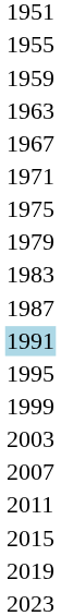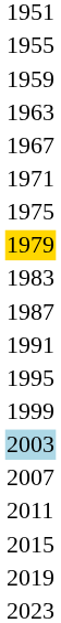 <table>
 <tr>
 <td>1951</td>
 <td></td>
 <td></td>
 <td></td>
 </tr>
 <tr>
 <td>1955</td>
 <td></td>
 <td></td>
 <td></td>
 </tr>
 <tr>
 <td>1959</td>
 <td></td>
 <td></td>
 <td></td>
 </tr>
 <tr>
 <td>1963</td>
 <td></td>
 <td></td>
 <td></td>
 </tr>
 <tr>
 <td>1967</td>
 <td></td>
 <td></td>
 <td></td>
 </tr>
 <tr>
 <td>1971</td>
 <td></td>
 <td></td>
 <td></td>
 </tr>
 <tr>
 <td>1975</td>
 <td></td>
 <td></td>
 <td></td>
 </tr>
 <tr>
-<td>1979</td>
+<td style="background: gold;">1979</td>
 <td></td>
 <td></td>
 <td></td>
 </tr>
 <tr>
 <td>1983</td>
 <td></td>
 <td></td>
 <td></td>
 </tr>
 <tr>
 <td>1987</td>
 <td></td>
 <td></td>
 <td></td>
 </tr>
 <tr>
-<td style="background: lightblue;">1991</td>
+<td>1991</td>
 <td></td>
 <td></td>
 <td></td>
 </tr>
 <tr>
 <td>1995</td>
 <td></td>
 <td></td>
 <td></td>
 </tr>
 <tr>
 <td rowspan=2>1999</td>
 <td rowspan=2></td>
 <td rowspan=2></td>
 <td></td>
 </tr>
 <tr>
 <td></td>
 </tr>
 <tr>
-<td>2003</td>
+<td style="background: lightblue;">2003</td>
 <td></td>
 <td></td>
 <td><br></td>
 </tr>
 <tr>
 <td>2007</td>
 <td></td>
 <td></td>
 <td><br></td>
 </tr>
 <tr>
 <td rowspan=2>2011<br></td>
 <td rowspan=2></td>
 <td rowspan=2></td>
 <td></td>
 </tr>
 <tr>
 <td></td>
 </tr>
 <tr>
 <td rowspan=2>2015<br></td>
 <td rowspan=2></td>
 <td rowspan=2></td>
 <td></td>
 </tr>
 <tr>
 <td></td>
 </tr>
 <tr>
 <td rowspan=2>2019<br></td>
 <td rowspan=2></td>
 <td rowspan=2></td>
 <td></td>
 </tr>
 <tr>
 <td></td>
 </tr>
 <tr>
 <td rowspan=2>2023<br></td>
 <td rowspan=2></td>
 <td rowspan=2></td>
 <td></td>
 </tr>
 <tr>
 <td></td>
 </tr>
 </table>
